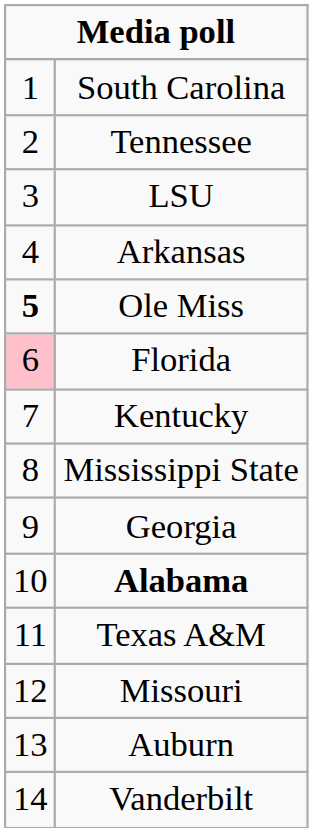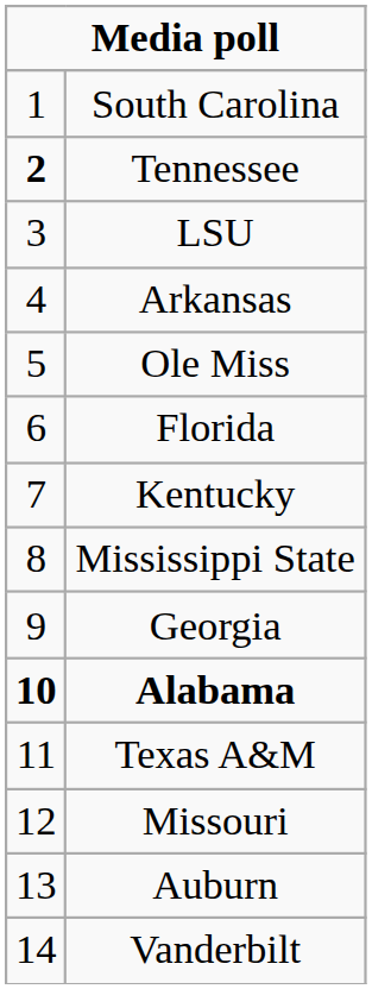 <table class="wikitable">
 <tr align="center">
 <td align="center" Colspan="2"><strong>Media poll</strong></td>
 </tr>
 <tr align="center">
 </tr>
 <tr align="center">
 <td>1</td>
 <td>South Carolina</td>
 </tr>
 <tr align="center">
-<td>2</td>
+<td><strong>2</strong></td>
 <td>Tennessee</td>
 </tr>
 <tr align="center">
 <td>3</td>
 <td>LSU</td>
 </tr>
 <tr align="center">
 <td>4</td>
 <td>Arkansas</td>
 </tr>
 <tr align="center">
-<td><strong>5</strong></td>
+<td>5</td>
 <td>Ole Miss</td>
 </tr>
 <tr align="center">
-<td style="background: pink;">6</td>
+<td>6</td>
 <td>Florida</td>
 </tr>
 <tr align="center">
 <td>7</td>
 <td>Kentucky</td>
 </tr>
 <tr align="center">
 <td>8</td>
 <td>Mississippi State</td>
 </tr>
 <tr align="center">
 <td>9</td>
 <td>Georgia</td>
 </tr>
 <tr align="center">
-<td>10</td>
+<td><strong>10</strong></td>
 <td><strong>Alabama</strong></td>
 </tr>
 <tr align="center">
 <td>11</td>
 <td>Texas A&M</td>
 </tr>
 <tr align="center">
 <td>12</td>
 <td>Missouri</td>
 </tr>
 <tr align="center">
 <td>13</td>
 <td>Auburn</td>
 </tr>
 <tr align="center">
 <td>14</td>
 <td>Vanderbilt</td>
 </tr>
 </table>
